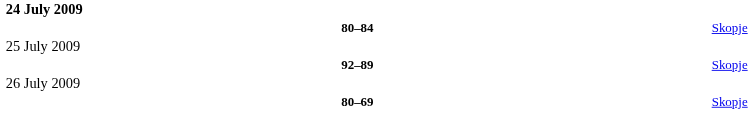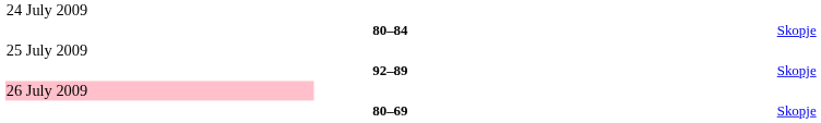 <table style="width:100%;" cellspacing="1">
 <tr>
 <th width=25%></th>
 <th width=3%></th>
 <th width=6%></th>
 <th width=3%></th>
 <th width=25%></th>
 </tr>
 <tr>
-<td><strong>24 July 2009</strong></td>
+<td>24 July 2009</td>
 </tr>
 <tr style=font-size:90%>
 <td align=right><strong></strong></td>
 <td></td>
 <td align=center><strong>80–84</strong></td>
 <td></td>
 <td><strong></strong></td>
 <td><a href='#'>Skopje</a></td>
 </tr>
 <tr>
 <td>25 July 2009</td>
 </tr>
 <tr style=font-size:90%>
 <td align=right><strong></strong></td>
 <td></td>
 <td align=center><strong>92–89</strong></td>
 <td></td>
 <td><strong></strong></td>
 <td><a href='#'>Skopje</a></td>
 </tr>
 <tr>
-<td>26 July 2009</td>
+<td style="background: pink;">26 July 2009</td>
 </tr>
 <tr style=font-size:90%>
 <td align=right><strong></strong></td>
 <td></td>
 <td align=center><strong>80–69</strong></td>
 <td></td>
 <td><strong></strong></td>
 <td><a href='#'>Skopje</a></td>
 </tr>
 </table>
